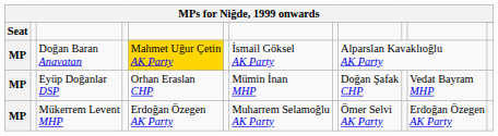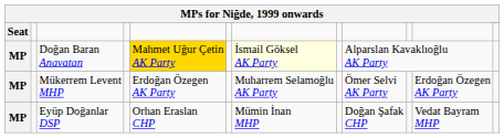 <table class="wikitable">
 <tr>
 <th colspan = 12>MPs for Niğde, 1999 onwards</th>
 </tr>
 <tr>
 <th rowspan = 2>Seat</th>
 <td rowspan="2" style="width:1px;"></td>
 <td rowspan = 2></td>
 <td rowspan="2" style="width:1px;"></td>
 <td rowspan = 2></td>
 <td rowspan="2" style="width:1px;"></td>
 <td rowspan = 2></td>
 <td rowspan="2" style="width:1px;"></td>
 <td rowspan = 2></td>
 <td rowspan="2" style="width:1px;"></td>
 <td rowspan = 2></td>
 </tr>
 <tr>
 <td></td>
 </tr>
 <tr>
 <th>MP</th>
 <td width=1px style="background-color: "></td>
 <td colspan = 1>Doğan Baran<br><em><a href='#'>Anavatan</a></em></td>
 <td width=1px style="background-color: "></td>
 <td colspan = 1 style="background: gold;">Mahmet Uğur Çetin<br><em><a href='#'>AK Party</a></em></td>
 <td width=1px style="background-color: "></td>
-<td colspan = 1>İsmail Göksel<br><em><a href='#'>AK Party</a></em></td>
+<td colspan = 1 style="background: lightyellow;">İsmail Göksel<br><em><a href='#'>AK Party</a></em></td>
 <td width=1px style="background-color: "></td>
 <td colspan = 3>Alparslan Kavaklıoğlu<br><em><a href='#'>AK Party</a></em></td>
+<td width=1px style="background-color: "></td>
+</tr>
+<tr>
+<th>MP</th>
+<td width=1px style="background-color: "></td>
+<td colspan = 1>Mükerrem Levent<br><em><a href='#'>MHP</a></em></td>
+<td width=1px style="background-color: "></td>
+<td colspan = 1>Erdoğan Özegen<br><em><a href='#'>AK Party</a></em></td>
+<td width=1px style="background-color: "></td>
+<td colspan = 1>Muharrem Selamoğlu<br><em><a href='#'>AK Party</a></em></td>
+<td width=1px style="background-color: "></td>
+<td colspan = 1>Ömer Selvi<br><em><a href='#'>AK Party</a></em></td>
+<td width=1px style="background-color: "></td>
+<td colspan = 1>Erdoğan Özegen<br><em><a href='#'>AK Party</a></em></td>
 <td width=1px style="background-color: "></td>
 </tr>
 <tr>
 <th>MP</th>
 <td width=1px style="background-color: "></td>
 <td colspan = 1>Eyüp Doğanlar<br><em><a href='#'>DSP</a></em></td>
 <td width=1px style="background-color: "></td>
 <td colspan = 1>Orhan Eraslan<br><em><a href='#'>CHP</a></em></td>
 <td width=1px style="background-color: "></td>
 <td colspan = 1>Mümin İnan<br><em><a href='#'>MHP</a></em></td>
 <td width=1px style="background-color: "></td>
 <td colspan = 1>Doğan Şafak<br><em><a href='#'>CHP</a></em></td>
 <td width=1px style="background-color: "></td>
 <td colspan = 1>Vedat Bayram<br><em><a href='#'>MHP</a></em></td>
 <td width=1px style="background-color: "></td>
 </tr>
-<tr>
-<th>MP</th>
-<td width=1px style="background-color: "></td>
-<td colspan = 1>Mükerrem Levent<br><em><a href='#'>MHP</a></em></td>
-<td width=1px style="background-color: "></td>
-<td colspan = 1>Erdoğan Özegen<br><em><a href='#'>AK Party</a></em></td>
-<td width=1px style="background-color: "></td>
-<td colspan = 1>Muharrem Selamoğlu<br><em><a href='#'>AK Party</a></em></td>
-<td width=1px style="background-color: "></td>
-<td colspan = 1>Ömer Selvi<br><em><a href='#'>AK Party</a></em></td>
-<td width=1px style="background-color: "></td>
-<td colspan = 1>Erdoğan Özegen<br><em><a href='#'>AK Party</a></em></td>
-<td width=1px style="background-color: "></td>
-</tr>
 </table>
